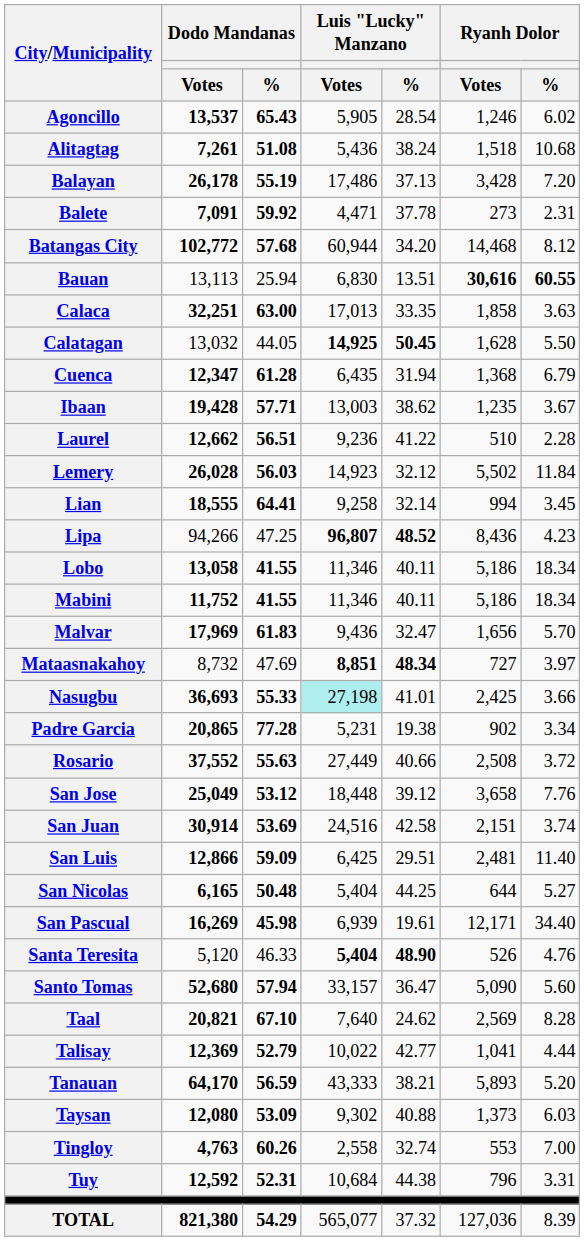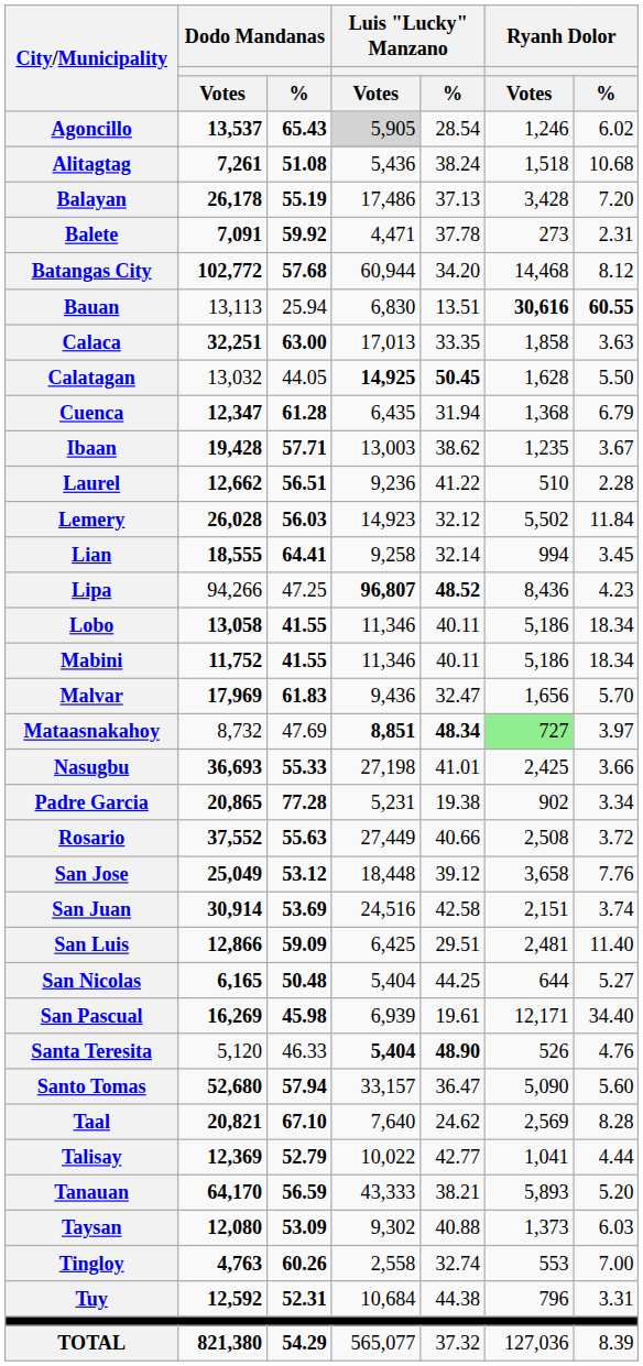 <table class="wikitable collapsible collapsed" style="text-align:right; font-size:95%; line-height:20px;">
 <tr>
 <th width="125" rowspan="3"><a href='#'>City</a>/<a href='#'>Municipality</a></th>
 <th width="110" colspan="2">Dodo Mandanas</th>
 <th width="110" colspan="2">Luis "Lucky" Manzano</th>
 <th width="110" colspan="2">Ryanh Dolor</th>
 </tr>
 <tr>
 <th colspan="2" style="background:"></th>
 <th colspan="2" style="background:"></th>
 <th colspan="2" style="background:"></th>
 </tr>
 <tr>
 <th>Votes</th>
 <th>%</th>
 <th>Votes</th>
 <th>%</th>
 <th>Votes</th>
 <th>%</th>
 </tr>
 <tr>
 <th scope="row"><a href='#'>Agoncillo</a></th>
 <td style="background:"><strong>13,537</strong></td>
 <td style="background:"><strong>65.43</strong></td>
-<td>5,905</td>
+<td style="background: lightgrey;">5,905</td>
 <td>28.54</td>
 <td>1,246</td>
 <td>6.02</td>
 </tr>
 <tr>
 <th scope="row"><a href='#'>Alitagtag</a></th>
 <td style="background:"><strong>7,261</strong></td>
 <td style="background:"><strong>51.08</strong></td>
 <td>5,436</td>
 <td>38.24</td>
 <td>1,518</td>
 <td>10.68</td>
 </tr>
 <tr>
 <th scope="row"><a href='#'>Balayan</a></th>
 <td style="background:"><strong>26,178</strong></td>
 <td style="background:"><strong>55.19</strong></td>
 <td>17,486</td>
 <td>37.13</td>
 <td>3,428</td>
 <td>7.20</td>
 </tr>
 <tr>
 <th scope="row"><a href='#'>Balete</a></th>
 <td style="background:"><strong>7,091</strong></td>
 <td style="background:"><strong>59.92</strong></td>
 <td>4,471</td>
 <td>37.78</td>
 <td>273</td>
 <td>2.31</td>
 </tr>
 <tr>
 <th scope="row"><a href='#'>Batangas City</a></th>
 <td style="background:"><strong>102,772</strong></td>
 <td style="background:"><strong>57.68</strong></td>
 <td>60,944</td>
 <td>34.20</td>
 <td>14,468</td>
 <td>8.12</td>
 </tr>
 <tr>
 <th scope="row"><a href='#'>Bauan</a></th>
 <td>13,113</td>
 <td>25.94</td>
 <td>6,830</td>
 <td>13.51</td>
 <td style="background:"><strong>30,616</strong></td>
 <td style="background:"><strong>60.55</strong></td>
 </tr>
 <tr>
 <th scope="row"><a href='#'>Calaca</a></th>
 <td style="background:"><strong>32,251</strong></td>
 <td style="background:"><strong>63.00</strong></td>
 <td>17,013</td>
 <td>33.35</td>
 <td>1,858</td>
 <td>3.63</td>
 </tr>
 <tr>
 <th scope="row"><a href='#'>Calatagan</a></th>
 <td>13,032</td>
 <td>44.05</td>
 <td style="background:"><strong>14,925</strong></td>
 <td style="background:"><strong>50.45</strong></td>
 <td>1,628</td>
 <td>5.50</td>
 </tr>
 <tr>
 <th scope="row"><a href='#'>Cuenca</a></th>
 <td style="background:"><strong>12,347</strong></td>
 <td style="background:"><strong>61.28</strong></td>
 <td>6,435</td>
 <td>31.94</td>
 <td>1,368</td>
 <td>6.79</td>
 </tr>
 <tr>
 <th scope="row"><a href='#'>Ibaan</a></th>
 <td style="background:"><strong>19,428</strong></td>
 <td style="background:"><strong>57.71</strong></td>
 <td>13,003</td>
 <td>38.62</td>
 <td>1,235</td>
 <td>3.67</td>
 </tr>
 <tr>
 <th scope="row"><a href='#'>Laurel</a></th>
 <td style="background:"><strong>12,662</strong></td>
 <td style="background:"><strong>56.51</strong></td>
 <td>9,236</td>
 <td>41.22</td>
 <td>510</td>
 <td>2.28</td>
 </tr>
 <tr>
 <th scope="row"><a href='#'>Lemery</a></th>
 <td style="background:"><strong>26,028</strong></td>
 <td style="background:"><strong>56.03</strong></td>
 <td>14,923</td>
 <td>32.12</td>
 <td>5,502</td>
 <td>11.84</td>
 </tr>
 <tr>
 <th scope="row"><a href='#'>Lian</a></th>
 <td style="background:"><strong>18,555</strong></td>
 <td style="background:"><strong>64.41</strong></td>
 <td>9,258</td>
 <td>32.14</td>
 <td>994</td>
 <td>3.45</td>
 </tr>
 <tr>
 <th scope="row"><a href='#'>Lipa</a></th>
 <td>94,266</td>
 <td>47.25</td>
 <td style="background:"><strong>96,807</strong></td>
 <td style="background:"><strong>48.52</strong></td>
 <td>8,436</td>
 <td>4.23</td>
 </tr>
 <tr>
 <th scope="row"><a href='#'>Lobo</a></th>
 <td style="background:"><strong>13,058</strong></td>
 <td style="background:"><strong>41.55</strong></td>
 <td>11,346</td>
 <td>40.11</td>
 <td>5,186</td>
 <td>18.34</td>
 </tr>
 <tr>
 <th scope="row"><a href='#'>Mabini</a></th>
 <td style="background:"><strong>11,752</strong></td>
 <td style="background:"><strong>41.55</strong></td>
 <td>11,346</td>
 <td>40.11</td>
 <td>5,186</td>
 <td>18.34</td>
 </tr>
 <tr>
 <th scope="row"><a href='#'>Malvar</a></th>
 <td style="background:"><strong>17,969</strong></td>
 <td style="background:"><strong>61.83</strong></td>
 <td>9,436</td>
 <td>32.47</td>
 <td>1,656</td>
 <td>5.70</td>
 </tr>
 <tr>
 <th scope="row"><a href='#'>Mataasnakahoy</a></th>
 <td>8,732</td>
 <td>47.69</td>
 <td style="background:"><strong>8,851</strong></td>
 <td style="background:"><strong>48.34</strong></td>
-<td>727</td>
+<td style="background: lightgreen;">727</td>
 <td>3.97</td>
 </tr>
 <tr>
 <th scope="row"><a href='#'>Nasugbu</a></th>
 <td style="background:"><strong>36,693</strong></td>
 <td style="background:"><strong>55.33</strong></td>
-<td style="background: paleturquoise;">27,198</td>
+<td>27,198</td>
 <td>41.01</td>
 <td>2,425</td>
 <td>3.66</td>
 </tr>
 <tr>
 <th scope="row"><a href='#'>Padre Garcia</a></th>
 <td style="background:"><strong>20,865</strong></td>
 <td style="background:"><strong>77.28</strong></td>
 <td>5,231</td>
 <td>19.38</td>
 <td>902</td>
 <td>3.34</td>
 </tr>
 <tr>
 <th scope="row"><a href='#'>Rosario</a></th>
 <td style="background:"><strong>37,552</strong></td>
 <td style="background:"><strong>55.63</strong></td>
 <td>27,449</td>
 <td>40.66</td>
 <td>2,508</td>
 <td>3.72</td>
 </tr>
 <tr>
 <th scope="row"><a href='#'>San Jose</a></th>
 <td style="background:"><strong>25,049</strong></td>
 <td style="background:"><strong>53.12</strong></td>
 <td>18,448</td>
 <td>39.12</td>
 <td>3,658</td>
 <td>7.76</td>
 </tr>
 <tr>
 <th scope="row"><a href='#'>San Juan</a></th>
 <td style="background:"><strong>30,914</strong></td>
 <td style="background:"><strong>53.69</strong></td>
 <td>24,516</td>
 <td>42.58</td>
 <td>2,151</td>
 <td>3.74</td>
 </tr>
 <tr>
 <th scope="row"><a href='#'>San Luis</a></th>
 <td style="background:"><strong>12,866</strong></td>
 <td style="background:"><strong>59.09</strong></td>
 <td>6,425</td>
 <td>29.51</td>
 <td>2,481</td>
 <td>11.40</td>
 </tr>
 <tr>
 <th scope="row"><a href='#'>San Nicolas</a></th>
 <td style="background:"><strong>6,165</strong></td>
 <td style="background:"><strong>50.48</strong></td>
 <td>5,404</td>
 <td>44.25</td>
 <td>644</td>
 <td>5.27</td>
 </tr>
 <tr>
 <th scope="row"><a href='#'>San Pascual</a></th>
 <td style="background:"><strong>16,269</strong></td>
 <td style="background:"><strong>45.98</strong></td>
 <td>6,939</td>
 <td>19.61</td>
 <td>12,171</td>
 <td>34.40</td>
 </tr>
 <tr>
 <th scope="row"><a href='#'>Santa Teresita</a></th>
 <td>5,120</td>
 <td>46.33</td>
 <td style="background:"><strong>5,404</strong></td>
 <td style="background:"><strong>48.90</strong></td>
 <td>526</td>
 <td>4.76</td>
 </tr>
 <tr>
 <th scope="row"><a href='#'>Santo Tomas</a></th>
 <td style="background:"><strong>52,680</strong></td>
 <td style="background:"><strong>57.94</strong></td>
 <td>33,157</td>
 <td>36.47</td>
 <td>5,090</td>
 <td>5.60</td>
 </tr>
 <tr>
 <th scope="row"><a href='#'>Taal</a></th>
 <td style="background:"><strong>20,821</strong></td>
 <td style="background:"><strong>67.10</strong></td>
 <td>7,640</td>
 <td>24.62</td>
 <td>2,569</td>
 <td>8.28</td>
 </tr>
 <tr>
 <th scope="row"><a href='#'>Talisay</a></th>
 <td style="background:"><strong>12,369</strong></td>
 <td style="background:"><strong>52.79</strong></td>
 <td>10,022</td>
 <td>42.77</td>
 <td>1,041</td>
 <td>4.44</td>
 </tr>
 <tr>
 <th scope="row"><a href='#'>Tanauan</a></th>
 <td style="background:"><strong>64,170</strong></td>
 <td style="background:"><strong>56.59</strong></td>
 <td>43,333</td>
 <td>38.21</td>
 <td>5,893</td>
 <td>5.20</td>
 </tr>
 <tr>
 <th scope="row"><a href='#'>Taysan</a></th>
 <td style="background:"><strong>12,080</strong></td>
 <td style="background:"><strong>53.09</strong></td>
 <td>9,302</td>
 <td>40.88</td>
 <td>1,373</td>
 <td>6.03</td>
 </tr>
 <tr>
 <th scope="row"><a href='#'>Tingloy</a></th>
 <td style="background:"><strong>4,763</strong></td>
 <td style="background:"><strong>60.26</strong></td>
 <td>2,558</td>
 <td>32.74</td>
 <td>553</td>
 <td>7.00</td>
 </tr>
 <tr>
 <th scope="row"><a href='#'>Tuy</a></th>
 <td style="background:"><strong>12,592</strong></td>
 <td style="background:"><strong>52.31</strong></td>
 <td>10,684</td>
 <td>44.38</td>
 <td>796</td>
 <td>3.31</td>
 </tr>
 <tr>
 <td colspan=7 bgcolor=black></td>
 </tr>
 <tr>
 <th scope="row">TOTAL</th>
 <td style="background:"><strong>821,380</strong></td>
 <td style="background:"><strong>54.29</strong></td>
 <td>565,077</td>
 <td>37.32</td>
 <td>127,036</td>
 <td>8.39</td>
 </tr>
 </table>
